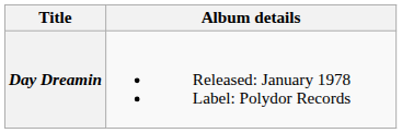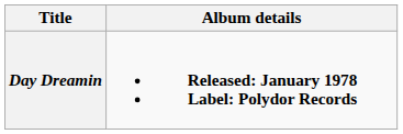 <table class="wikitable plainrowheaders" style="text-align:center;">
 <tr>
 <th rowspan="1">Title</th>
 <th rowspan="1" style="width:17em;">Album details</th>
 </tr>
 <tr>
 <th scope="row"><em>Day Dreamin<strong></th>
-<td><br><ul><li>Released: January 1978</li><li>Label: Polydor Records</li></ul></td>
+<td><strong><br><ul><li>Released: January 1978</li><li>Label: Polydor Records</li></ul></strong></td>
 </tr>
 </table>
